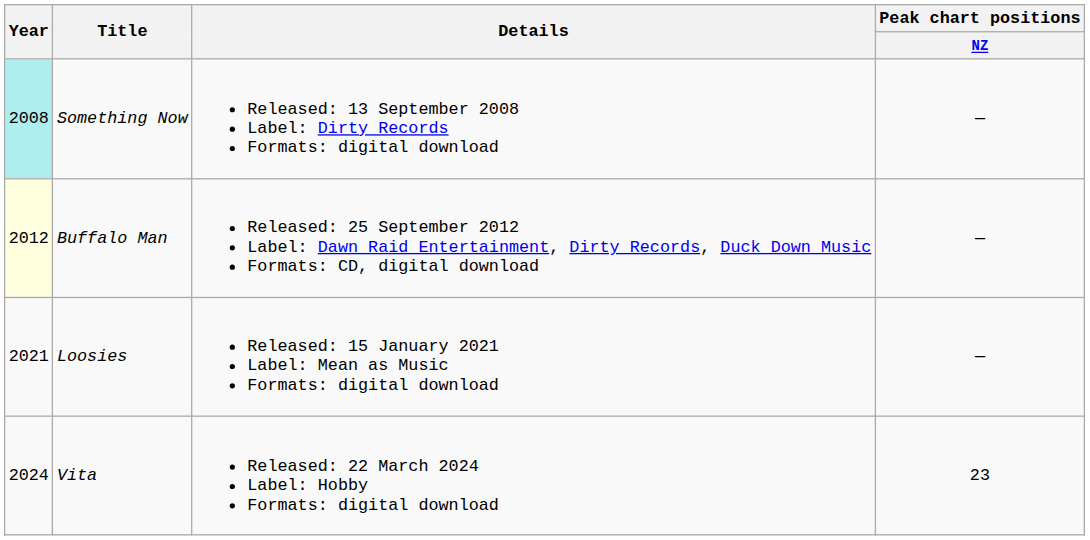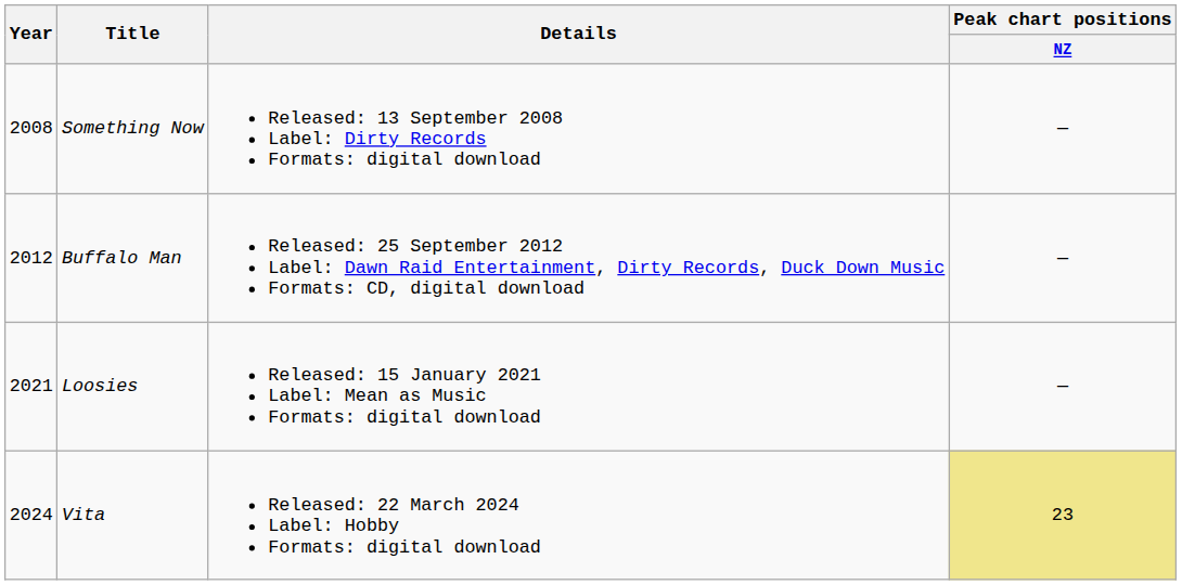 <table class="wikitable plainrowheaders">
 <tr>
 <th scope="col" rowspan="2">Year</th>
 <th scope="col" rowspan="2">Title</th>
 <th scope="col" rowspan="2">Details</th>
 <th scope="col" colspan="1">Peak chart positions</th>
 </tr>
 <tr>
 <th><small><a href='#'>NZ</a></small><br></th>
 </tr>
 <tr>
-<td style="background: paleturquoise;">2008</td>
+<td>2008</td>
 <td><em>Something Now</em></td>
 <td><br><ul><li>Released: 13 September 2008</li><li>Label: <a href='#'>Dirty Records</a></li><li>Formats: digital download</li></ul></td>
 <td align="center">—</td>
 </tr>
 <tr>
-<td style="background: lightyellow;">2012</td>
+<td>2012</td>
 <td><em>Buffalo Man</em></td>
 <td><br><ul><li>Released: 25 September 2012</li><li>Label: <a href='#'>Dawn Raid Entertainment</a>, <a href='#'>Dirty Records</a>, <a href='#'>Duck Down Music</a></li><li>Formats: CD, digital download</li></ul></td>
 <td align="center">—</td>
 </tr>
 <tr>
 <td>2021</td>
 <td><em>Loosies</em></td>
 <td><br><ul><li>Released: 15 January 2021</li><li>Label: Mean as Music</li><li>Formats: digital download</li></ul></td>
 <td align="center">—</td>
 </tr>
 <tr>
 <td>2024</td>
 <td><em>Vita</em></td>
 <td><br><ul><li>Released: 22 March 2024</li><li>Label: Hobby</li><li>Formats: digital download</li></ul></td>
-<td align="center">23<br></td>
+<td align="center" style="background: khaki;">23<br></td>
 </tr>
 </table>
